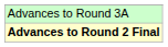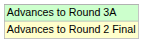 <table class="wikitable">
 <tr>
 </tr>
 <tr width=10px bgcolor="#ccffcc">
 <td>Advances to Round 3A</td>
 </tr>
 <tr width=10px bgcolor="#ffffcc">
-<td><strong>Advances to Round 2 Final</strong></td>
+<td>Advances to Round 2 Final</td>
 </tr>
 </table>
